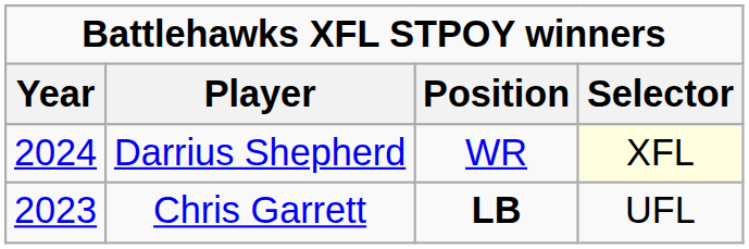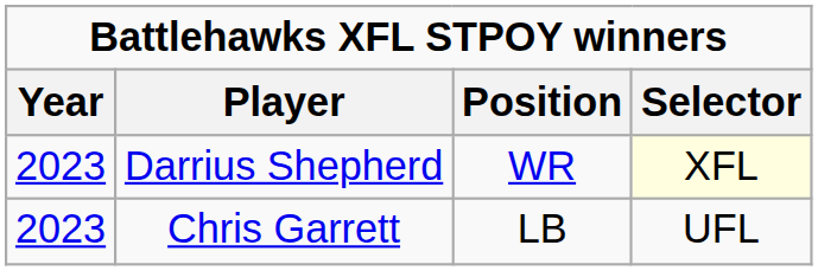 <table class="wikitable" style="text-align:center">
 <tr>
 <td align="center" colspan="4"><strong>Battlehawks XFL STPOY winners</strong></td>
 </tr>
 <tr>
 <th>Year</th>
 <th>Player</th>
 <th>Position</th>
 <th>Selector</th>
 </tr>
 <tr>
-<td><a href='#'>2024</a></td>
+<td><a href='#'>2023</a></td>
 <td><a href='#'>Darrius Shepherd</a></td>
 <td><a href='#'>WR</a></td>
 <td style="background: lightyellow;">XFL</td>
 </tr>
 <tr>
 <td><a href='#'>2023</a></td>
 <td><a href='#'>Chris Garrett</a></td>
-<td><strong>LB</strong></td>
+<td>LB</td>
 <td>UFL</td>
 </tr>
 </table>
